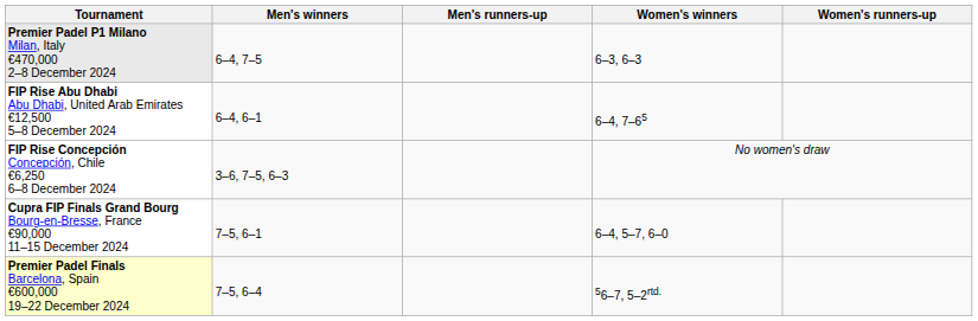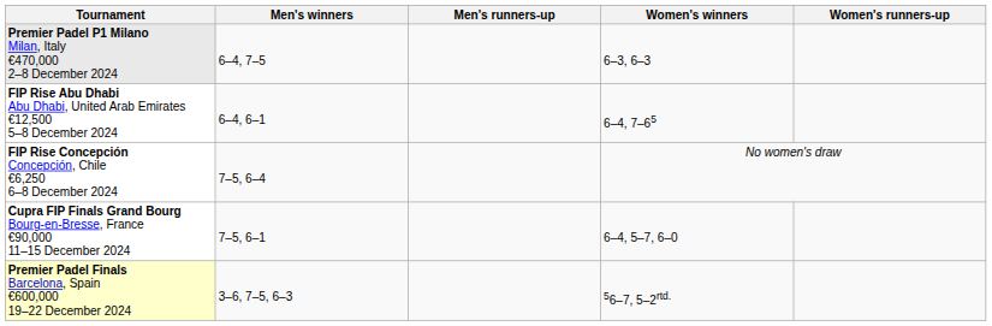 <table class="wikitable sortable nowrap" style=font-size:85%>
 <tr>
 <th width=230>Tournament</th>
 <th width=210>Men's winners</th>
 <th width=210>Men's runners-up</th>
 <th width=210>Women's winners</th>
 <th width=210>Women's runners-up</th>
 </tr>
 <tr valign=top>
 <td style="background:#E9E9E9;"><strong>Premier Padel P1 Milano</strong><br><a href='#'>Milan</a>, Italy<br>€470,000<br>2–8 December 2024</td>
 <td><strong><br></strong><br>6–4, 7–5</td>
 <td><br></td>
 <td><strong><br></strong><br>6–3, 6–3</td>
 <td><br></td>
 </tr>
 <tr valign=top>
 <td style="background:#ffffff;"><strong>FIP Rise Abu Dhabi</strong><br><a href='#'>Abu Dhabi</a>, United Arab Emirates<br>€12,500<br>5–8 December 2024</td>
 <td><strong><br></strong><br>6–4, 6–1</td>
 <td><br></td>
 <td><strong><br></strong><br>6–4, 7–6<sup>5</sup></td>
 <td><br></td>
 </tr>
 <tr valign=top>
 <td style="background:#ffffff;"><strong>FIP Rise Concepción</strong><br><a href='#'>Concepción</a>, Chile<br>€6,250<br>6–8 December 2024</td>
-<td><strong><br></strong><br>3–6, 7–5, 6–3</td>
+<td><strong><br></strong><br>7–5, 6–4</td>
 <td><br></td>
 <td colspan=2 align="center"><em>No women's draw</em></td>
 </tr>
 <tr valign=top>
 <td style="background:#ffffff;"><strong>Cupra FIP Finals Grand Bourg</strong><br><a href='#'>Bourg-en-Bresse</a>, France<br>€90,000<br>11–15 December 2024</td>
 <td><strong><br></strong><br>7–5, 6–1</td>
 <td><br></td>
 <td><strong><br></strong><br>6–4, 5–7, 6–0</td>
 <td><br></td>
 </tr>
 <tr valign=top>
 <td style="background:#ffffcc;"><strong>Premier Padel Finals</strong><br><a href='#'>Barcelona</a>, Spain<br>€600,000<br>19–22 December 2024</td>
-<td><strong><br></strong><br>7–5, 6–4</td>
+<td><strong><br></strong><br>3–6, 7–5, 6–3</td>
 <td><br></td>
 <td><strong><br></strong><br><sup>5</sup>6–7, 5–2<sup>rtd.</sup></td>
 <td><br></td>
 </tr>
 </table>
